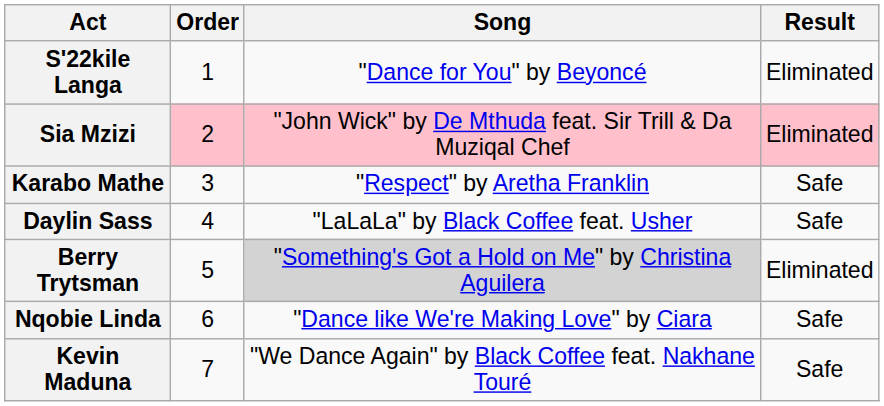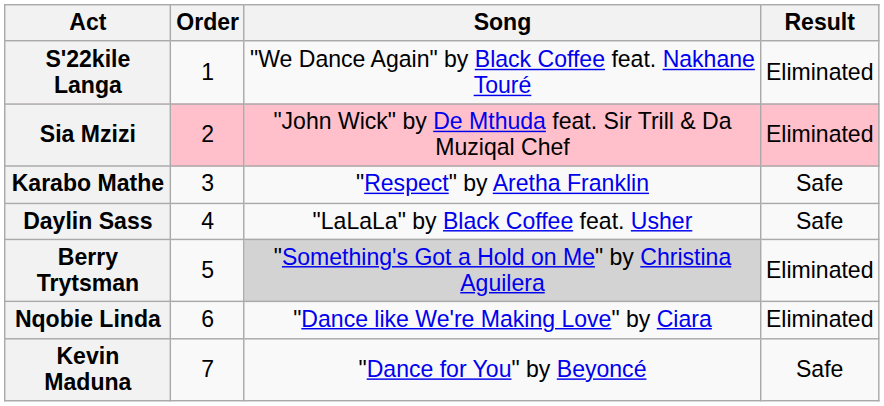 <table class="wikitable plainrowheaders" style="text-align:center;">
 <tr>
 <th scope"col">Act</th>
 <th scope"col">Order</th>
 <th scope"col">Song</th>
 <th scope"col">Result</th>
 </tr>
 <tr>
 <th scope=row>S'22kile Langa</th>
 <td>1</td>
-<td>"<a href='#'>Dance for You</a>" by <a href='#'>Beyoncé</a></td>
+<td>"We Dance Again" by <a href='#'>Black Coffee</a> feat. <a href='#'>Nakhane Touré</a></td>
 <td>Eliminated</td>
 </tr>
 <tr style="background: pink">
 <th scope=row>Sia Mzizi</th>
 <td>2</td>
 <td>"John Wick" by <a href='#'>De Mthuda</a> feat. Sir Trill & Da Muziqal Chef</td>
 <td>Eliminated</td>
 </tr>
 <tr>
 <th scope=row>Karabo Mathe</th>
 <td>3</td>
 <td>"<a href='#'>Respect</a>" by <a href='#'>Aretha Franklin</a></td>
 <td>Safe</td>
 </tr>
 <tr>
 <th scope=row>Daylin Sass</th>
 <td>4</td>
 <td>"LaLaLa" by <a href='#'>Black Coffee</a> feat. <a href='#'>Usher</a></td>
 <td>Safe</td>
 </tr>
 <tr>
 <th scope=row>Berry Trytsman</th>
 <td>5</td>
 <td style="background: lightgrey;">"<a href='#'>Something's Got a Hold on Me</a>" by <a href='#'>Christina Aguilera</a></td>
 <td>Eliminated</td>
 </tr>
 <tr>
 <th scope=row>Nqobie Linda</th>
 <td>6</td>
 <td>"<a href='#'>Dance like We're Making Love</a>" by <a href='#'>Ciara</a></td>
-<td>Safe</td>
+<td>Eliminated</td>
 </tr>
 <tr>
 <th scope=row>Kevin Maduna</th>
 <td>7</td>
-<td>"We Dance Again" by <a href='#'>Black Coffee</a> feat. <a href='#'>Nakhane Touré</a></td>
+<td>"<a href='#'>Dance for You</a>" by <a href='#'>Beyoncé</a></td>
 <td>Safe</td>
 </tr>
 </table>
